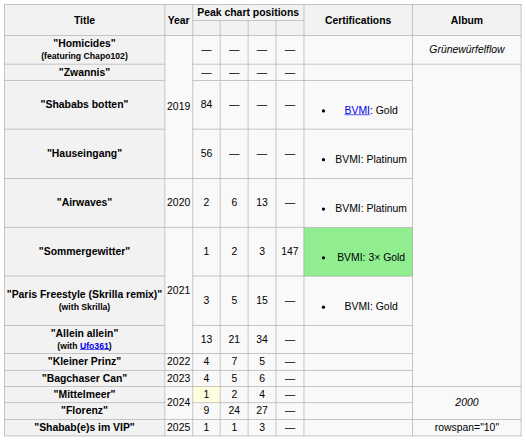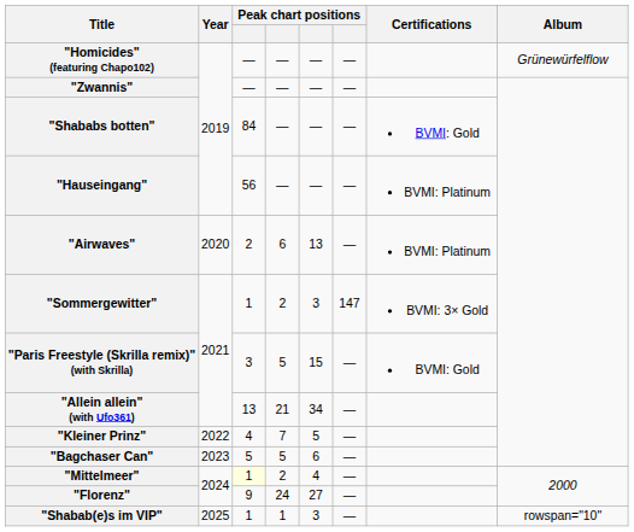 <table class="wikitable plainrowheaders" style="text-align:center;">
 <tr>
 <th scope="col" rowspan="2">Title</th>
 <th scope="col" rowspan="2" style="width:1em;">Year</th>
 <th scope="col" colspan="4">Peak chart positions</th>
 <th scope="col" rowspan="2" style="width:10em;">Certifications</th>
 <th scope="col" rowspan="2" style="width:10em;">Album</th>
 </tr>
 <tr>
 <th style="width:2.5em; font-size:90%"><a href='#'></a><br></th>
 <th style="width:2.5em; font-size:90%"><a href='#'></a><br></th>
 <th style="width:2.5em; font-size:90%"><a href='#'></a><br></th>
 <th style="width:2.5em; font-size:90%"><a href='#'></a><br></th>
 </tr>
 <tr>
 <th scope="row">"Homicides"<br><small>(featuring Chapo102)</small></th>
 <td rowspan="4">2019</td>
 <td>—</td>
 <td>—</td>
 <td>—</td>
 <td>—</td>
 <td></td>
 <td><em>Grünewürfelflow</em></td>
 </tr>
 <tr>
 <th scope="row">"Zwannis"</th>
 <td>—</td>
 <td>—</td>
 <td>—</td>
 <td>—</td>
 <td></td>
 </tr>
 <tr>
 <th scope="row">"Shababs botten"</th>
 <td>84</td>
 <td>—</td>
 <td>—</td>
 <td>—</td>
 <td><br><ul><li><a href='#'>BVMI</a>: Gold</li></ul></td>
 </tr>
 <tr>
 <th scope="row">"Hauseingang"</th>
 <td>56</td>
 <td>—</td>
 <td>—</td>
 <td>—</td>
 <td><br><ul><li>BVMI: Platinum</li></ul></td>
 </tr>
 <tr>
 <th scope="row">"Airwaves"</th>
 <td>2020</td>
 <td>2</td>
 <td>6</td>
 <td>13</td>
 <td>—</td>
 <td><br><ul><li>BVMI: Platinum</li></ul></td>
 </tr>
 <tr>
 <th scope="row">"Sommergewitter"</th>
 <td rowspan="3">2021</td>
 <td>1</td>
 <td>2</td>
 <td>3</td>
 <td>147</td>
-<td style="background: lightgreen;"><br><ul><li>BVMI: 3× Gold</li></ul></td>
+<td><br><ul><li>BVMI: 3× Gold</li></ul></td>
 </tr>
 <tr>
 <th scope="row">"Paris Freestyle (Skrilla remix)"<br><small>(with Skrilla)</small></th>
 <td>3</td>
 <td>5</td>
 <td>15</td>
 <td>—</td>
 <td><br><ul><li>BVMI: Gold</li></ul></td>
 </tr>
 <tr>
 <th scope="row">"Allein allein"<br><small>(with <a href='#'>Ufo361</a>)</small></th>
 <td>13</td>
 <td>21</td>
 <td>34</td>
 <td>—</td>
 <td></td>
 </tr>
 <tr>
 <th scope="row">"Kleiner Prinz"</th>
 <td>2022</td>
 <td>4</td>
 <td>7</td>
 <td>5</td>
 <td>—</td>
 <td></td>
 </tr>
 <tr>
 <th scope="row">"Bagchaser Can"</th>
 <td>2023</td>
-<td>4</td>
+<td>5</td>
 <td>5</td>
 <td>6</td>
 <td>—</td>
 <td></td>
 </tr>
 <tr>
 <th scope="row">"Mittelmeer"</th>
 <td rowspan="2">2024</td>
 <td style="background: lightyellow;">1</td>
 <td>2</td>
 <td>4</td>
 <td>—</td>
 <td></td>
 <td rowspan="2"><em>2000</em></td>
 </tr>
 <tr>
 <th scope="row">"Florenz"</th>
 <td>9</td>
 <td>24</td>
 <td>27</td>
 <td>—</td>
 <td></td>
 </tr>
 <tr>
 <th scope="row">"Shabab(e)s im VIP"<br></th>
 <td>2025</td>
 <td>1</td>
 <td>1</td>
 <td>3</td>
 <td>—</td>
 <td></td>
 <td>rowspan="10" </td>
 </tr>
 </table>
